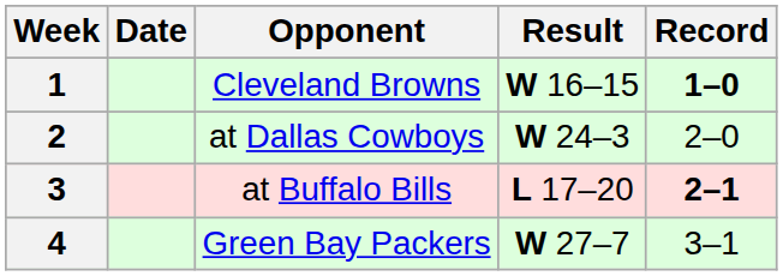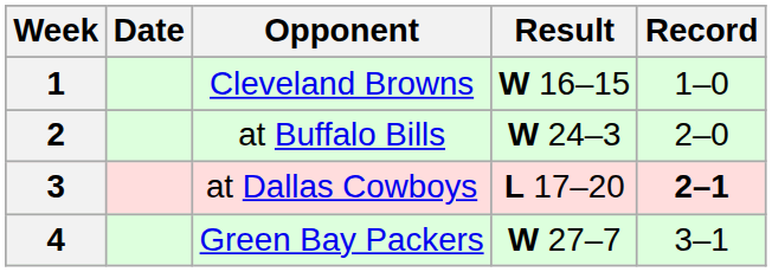 <table class="wikitable" style="text-align:center">
 <tr>
 <th>Week</th>
 <th>Date</th>
 <th>Opponent</th>
 <th>Result</th>
 <th>Record</th>
 </tr>
 <tr style="background:#dfd;">
 <th>1</th>
 <td></td>
 <td><a href='#'>Cleveland Browns</a></td>
 <td><strong>W</strong> 16–15</td>
-<td><strong>1–0</strong></td>
+<td>1–0</td>
 </tr>
 <tr style="background:#dfd;">
 <th>2</th>
 <td></td>
-<td>at <a href='#'>Dallas Cowboys</a></td>
+<td>at <a href='#'>Buffalo Bills</a></td>
 <td><strong>W</strong> 24–3</td>
 <td>2–0</td>
 </tr>
 <tr style="background:#fdd;">
 <th>3</th>
 <td></td>
-<td>at <a href='#'>Buffalo Bills</a></td>
+<td>at <a href='#'>Dallas Cowboys</a></td>
 <td><strong>L</strong> 17–20</td>
 <td><strong>2–1</strong></td>
 </tr>
 <tr style="background:#dfd;">
 <th>4</th>
 <td></td>
 <td><a href='#'>Green Bay Packers</a></td>
 <td><strong>W</strong> 27–7</td>
 <td>3–1</td>
 </tr>
 </table>
